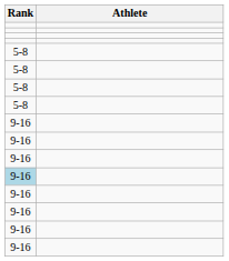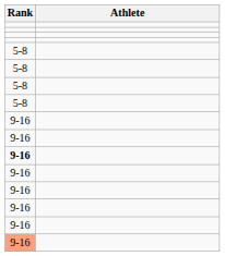 <table class="wikitable" style="text-align:center;">
 <tr>
 <th>Rank</th>
 <th width=260px>Athlete</th>
 </tr>
 <tr>
 <td></td>
 <td align=left></td>
 </tr>
 <tr>
 <td></td>
 <td align=left></td>
 </tr>
 <tr>
 <td></td>
 <td align=left></td>
 </tr>
 <tr>
 <td></td>
 <td align=left></td>
 </tr>
 <tr>
 <td>5-8</td>
 <td align=left></td>
 </tr>
 <tr>
 <td>5-8</td>
 <td align=left></td>
 </tr>
 <tr>
 <td>5-8</td>
 <td align=left></td>
 </tr>
 <tr>
 <td>5-8</td>
 <td align=left></td>
 </tr>
 <tr>
 <td>9-16</td>
 <td align=left></td>
 </tr>
 <tr>
 <td>9-16</td>
 <td align=left></td>
 </tr>
 <tr>
-<td>9-16</td>
-<td align=left></td>
-</tr>
-<tr>
-<td style="background: lightblue;">9-16</td>
+<td><strong>9-16</strong></td>
 <td align=left></td>
 </tr>
 <tr>
 <td>9-16</td>
 <td align=left></td>
 </tr>
 <tr>
 <td>9-16</td>
 <td align=left></td>
 </tr>
 <tr>
 <td>9-16</td>
 <td align=left></td>
 </tr>
 <tr>
 <td>9-16</td>
 <td align=left></td>
 </tr>
+<tr>
+<td style="background: lightsalmon;">9-16</td>
+<td align=left></td>
+</tr>
 </table>
